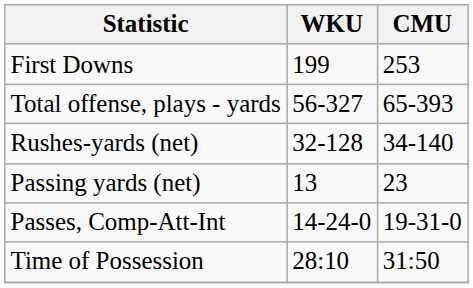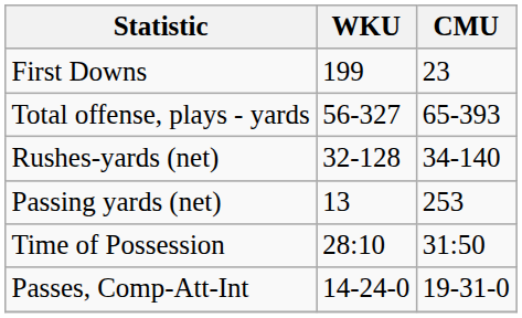 <table class="wikitable">
 <tr>
 <th>Statistic</th>
 <th><strong>WKU</strong></th>
 <th><strong>CMU</strong></th>
 </tr>
 <tr>
 <td>First Downs</td>
 <td>199</td>
-<td>253</td>
+<td>23</td>
 </tr>
 <tr>
 <td>Total offense, plays - yards</td>
 <td>56-327</td>
 <td>65-393</td>
 </tr>
 <tr>
 <td>Rushes-yards (net)</td>
 <td>32-128</td>
 <td>34-140</td>
 </tr>
 <tr>
 <td>Passing yards (net)</td>
 <td>13</td>
-<td>23</td>
+<td>253</td>
+</tr>
+<tr>
+<td>Time of Possession</td>
+<td>28:10</td>
+<td>31:50</td>
 </tr>
 <tr>
 <td>Passes, Comp-Att-Int</td>
 <td>14-24-0</td>
 <td>19-31-0</td>
 </tr>
 <tr>
-<td>Time of Possession</td>
-<td>28:10</td>
-<td>31:50</td>
-</tr>
-<tr>
 </tr>
 </table>
